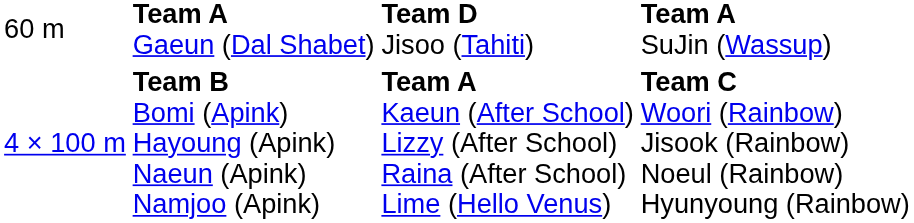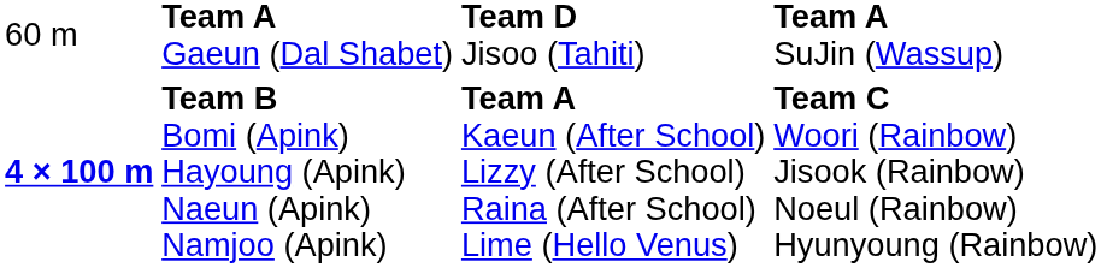 <table>
 <tr>
 <td>60 m</td>
 <td><strong>Team A</strong><br><a href='#'>Gaeun</a> (<a href='#'>Dal Shabet</a>)</td>
 <td><strong>Team D</strong><br>Jisoo (<a href='#'>Tahiti</a>)</td>
 <td><strong>Team A</strong><br>SuJin (<a href='#'>Wassup</a>)</td>
 </tr>
 <tr>
-<td><a href='#'>4 × 100 m</a></td>
+<td><strong><a href='#'>4 × 100 m</a></strong></td>
 <td><strong>Team B</strong><br><a href='#'>Bomi</a> (<a href='#'>Apink</a>)<br><a href='#'>Hayoung</a> (Apink)<br><a href='#'>Naeun</a> (Apink)<br><a href='#'>Namjoo</a> (Apink)</td>
 <td><strong>Team A</strong><br><a href='#'>Kaeun</a> (<a href='#'>After School</a>)<br><a href='#'>Lizzy</a> (After School)<br><a href='#'>Raina</a> (After School)<br><a href='#'>Lime</a> (<a href='#'>Hello Venus</a>)</td>
 <td><strong>Team C</strong><br><a href='#'>Woori</a> (<a href='#'>Rainbow</a>)<br>Jisook (Rainbow)<br>Noeul (Rainbow)<br>Hyunyoung (Rainbow)</td>
 </tr>
 </table>
